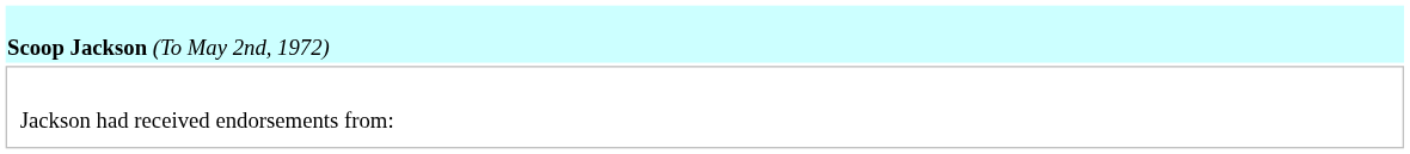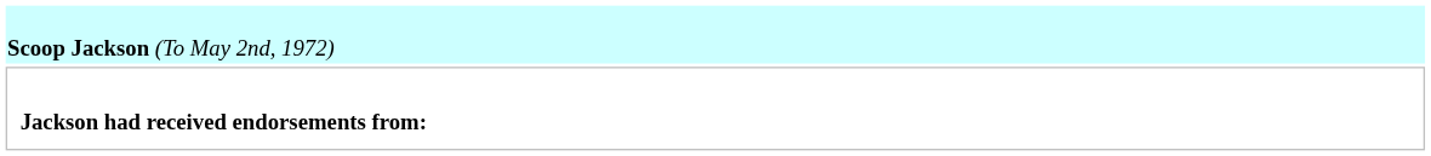 <table class="collapsible collapsed" style="width:100%;font-size:88%;text-align:left; border:0; margin-top:0.2em;">
 <tr>
 <th style="background:#cff; font-weight:normal;"><br><strong>Scoop Jackson</strong> <em>(To May 2nd, 1972)</em></th>
 </tr>
 <tr>
-<td style="border:solid 1px silver; padding:8px; background:white;"><br>Jackson had received endorsements from:</td>
+<td style="border:solid 1px silver; padding:8px; background:white;"><strong><br>Jackson had received endorsements from:</strong></td>
 </tr>
 <tr>
 <td style="text-align:center;"></td>
 </tr>
 </table>
